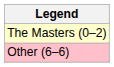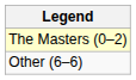 <table class="wikitable">
 <tr>
 <th>Legend</th>
 </tr>
 <tr bgcolor="ffffcc">
 <td>The Masters (0–2)</td>
 </tr>
 <tr>
-<td style="background: pink;">Other (6–6)</td>
+<td>Other (6–6)</td>
 </tr>
 </table>
